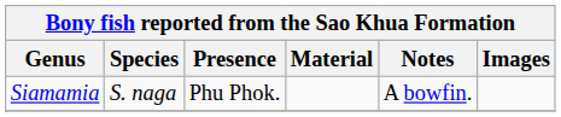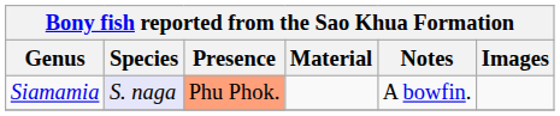 <table class="wikitable" align="center">
 <tr>
 <th colspan="6" align="center"><strong><a href='#'>Bony fish</a> reported from the Sao Khua Formation</strong></th>
 </tr>
 <tr>
 <th>Genus</th>
 <th>Species</th>
 <th>Presence</th>
 <th><strong>Material</strong></th>
 <th>Notes</th>
 <th>Images</th>
 </tr>
 <tr>
 <td><em><a href='#'>Siamamia</a></em></td>
-<td><em>S. naga</em></td>
-<td>Phu Phok.</td>
+<td style="background: lavender;"><em>S. naga</em></td>
+<td style="background: lightsalmon;">Phu Phok.</td>
 <td></td>
 <td>A <a href='#'>bowfin</a>.</td>
 <td></td>
 </tr>
 <tr>
 </tr>
 </table>
